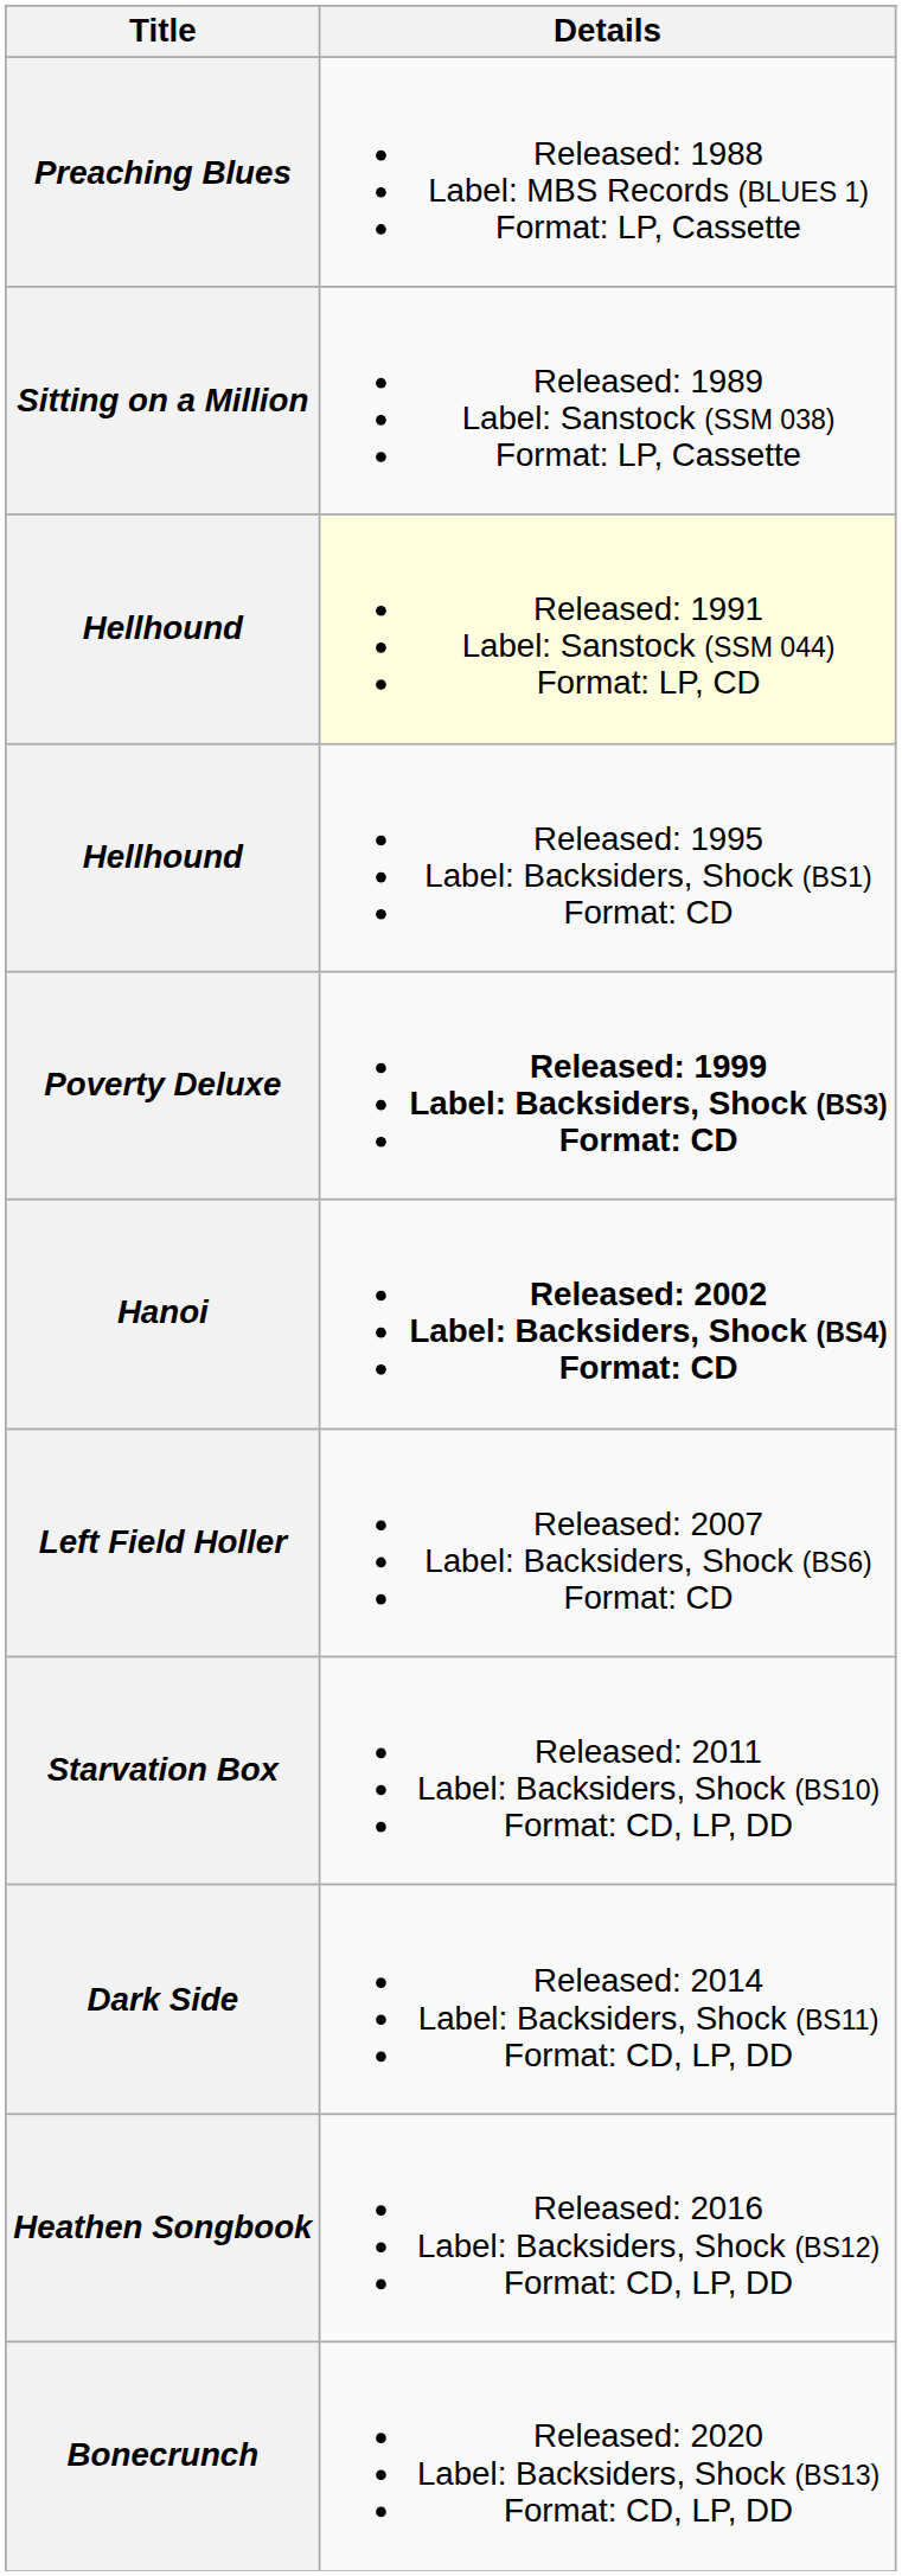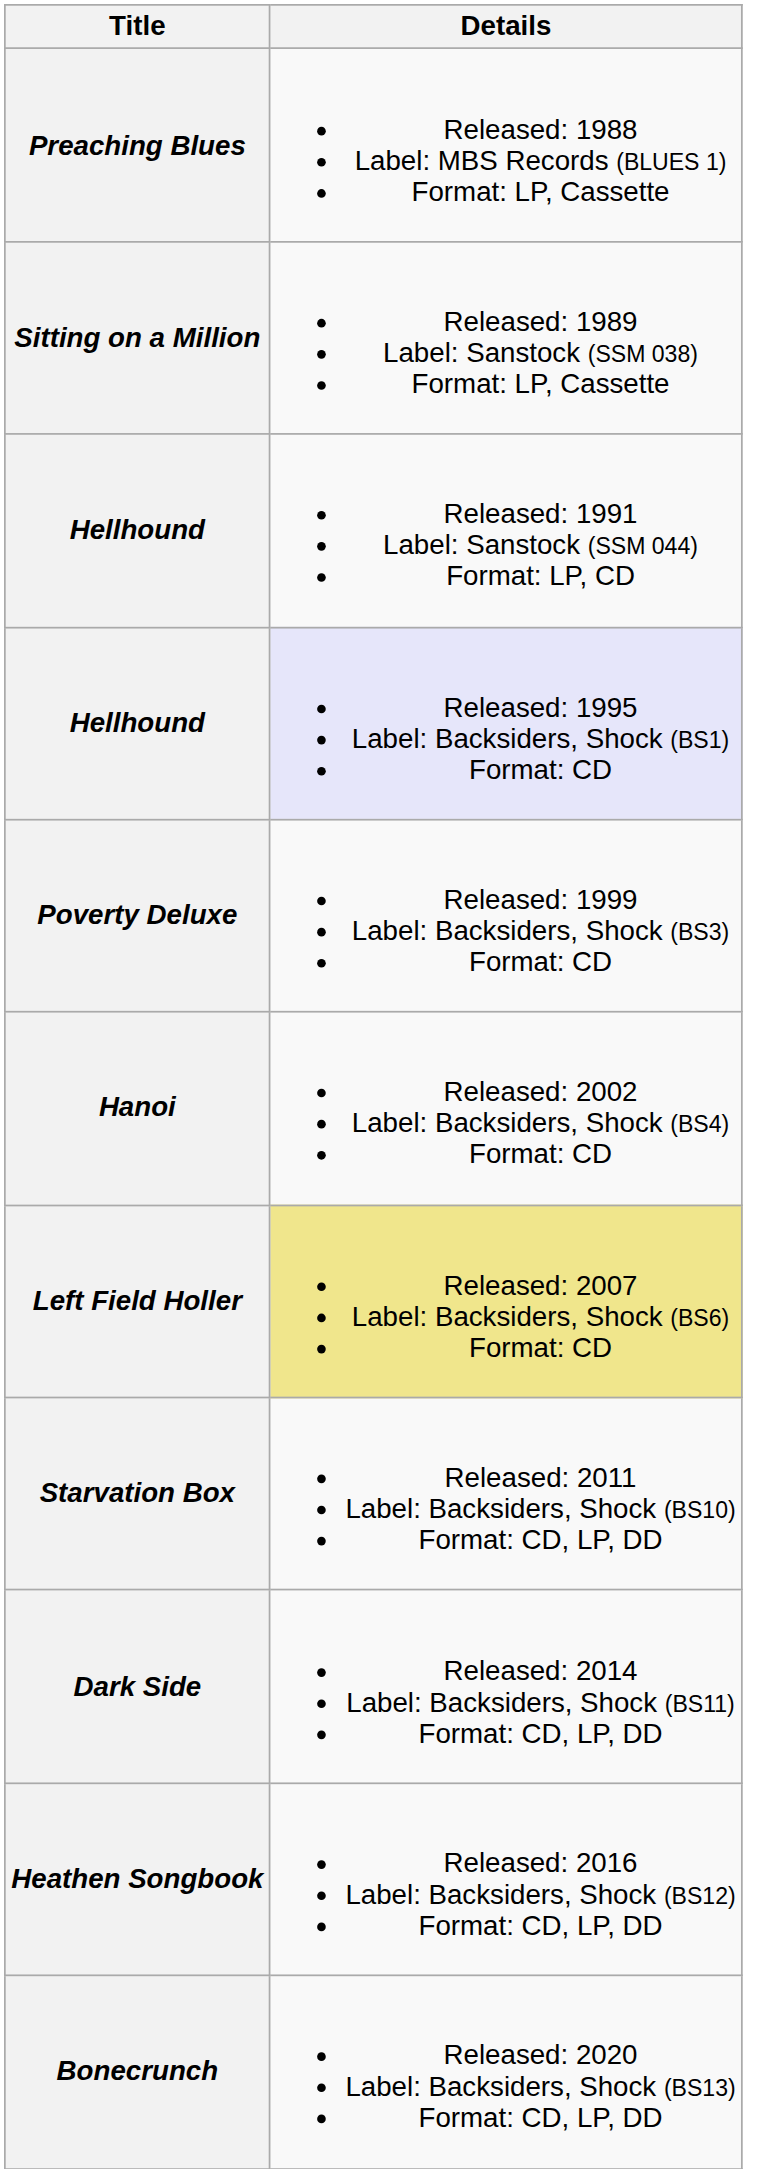 <table class="wikitable plainrowheaders" style="text-align:center;" border="1">
 <tr>
 <th>Title</th>
 <th>Details</th>
 </tr>
 <tr>
 <th scope="row"><em>Preaching Blues</em></th>
 <td><br><ul><li>Released: 1988</li><li>Label: MBS Records <small>(BLUES 1)</small></li><li>Format: LP, Cassette</li></ul></td>
 </tr>
 <tr>
 <th scope="row"><em>Sitting on a Million</em></th>
 <td><br><ul><li>Released: 1989</li><li>Label: Sanstock <small>(SSM 038)</small></li><li>Format: LP, Cassette</li></ul></td>
 </tr>
 <tr>
 <th scope="row"><em>Hellhound</em></th>
-<td style="background: lightyellow;"><br><ul><li>Released: 1991</li><li>Label: Sanstock <small>(SSM 044)</small></li><li>Format: LP, CD</li></ul></td>
+<td><br><ul><li>Released: 1991</li><li>Label: Sanstock <small>(SSM 044)</small></li><li>Format: LP, CD</li></ul></td>
 </tr>
 <tr>
 <th scope="row"><em>Hellhound</em></th>
-<td><br><ul><li>Released: 1995</li><li>Label: Backsiders, Shock <small>(BS1)</small></li><li>Format: CD</li></ul></td>
+<td style="background: lavender;"><br><ul><li>Released: 1995</li><li>Label: Backsiders, Shock <small>(BS1)</small></li><li>Format: CD</li></ul></td>
 </tr>
 <tr>
 <th scope="row"><em>Poverty Deluxe</em></th>
-<td><strong><br><ul><li>Released: 1999</li><li>Label: Backsiders, Shock <small>(BS3)</small></li><li>Format: CD</li></ul></strong></td>
+<td><br><ul><li>Released: 1999</li><li>Label: Backsiders, Shock <small>(BS3)</small></li><li>Format: CD</li></ul></td>
 </tr>
 <tr>
 <th scope="row"><em>Hanoi</em></th>
-<td><strong><br><ul><li>Released: 2002</li><li>Label: Backsiders, Shock <small>(BS4)</small></li><li>Format: CD</li></ul></strong></td>
+<td><br><ul><li>Released: 2002</li><li>Label: Backsiders, Shock <small>(BS4)</small></li><li>Format: CD</li></ul></td>
 </tr>
 <tr>
 <th scope="row"><em>Left Field Holler</em></th>
-<td><br><ul><li>Released: 2007</li><li>Label: Backsiders, Shock <small>(BS6)</small></li><li>Format: CD</li></ul></td>
+<td style="background: khaki;"><br><ul><li>Released: 2007</li><li>Label: Backsiders, Shock <small>(BS6)</small></li><li>Format: CD</li></ul></td>
 </tr>
 <tr>
 <th scope="row"><em>Starvation Box</em></th>
 <td><br><ul><li>Released: 2011</li><li>Label: Backsiders, Shock <small>(BS10)</small></li><li>Format: CD, LP, DD</li></ul></td>
 </tr>
 <tr>
 <th scope="row"><em>Dark Side</em></th>
 <td><br><ul><li>Released: 2014</li><li>Label: Backsiders, Shock <small>(BS11)</small></li><li>Format: CD, LP, DD</li></ul></td>
 </tr>
 <tr>
 <th scope="row"><em>Heathen Songbook</em></th>
 <td><br><ul><li>Released: 2016</li><li>Label: Backsiders, Shock <small>(BS12)</small></li><li>Format: CD, LP, DD</li></ul></td>
 </tr>
 <tr>
 <th scope="row"><em>Bonecrunch</em></th>
 <td><br><ul><li>Released: 2020</li><li>Label: Backsiders, Shock <small>(BS13)</small></li><li>Format: CD, LP, DD</li></ul></td>
 </tr>
 </table>
